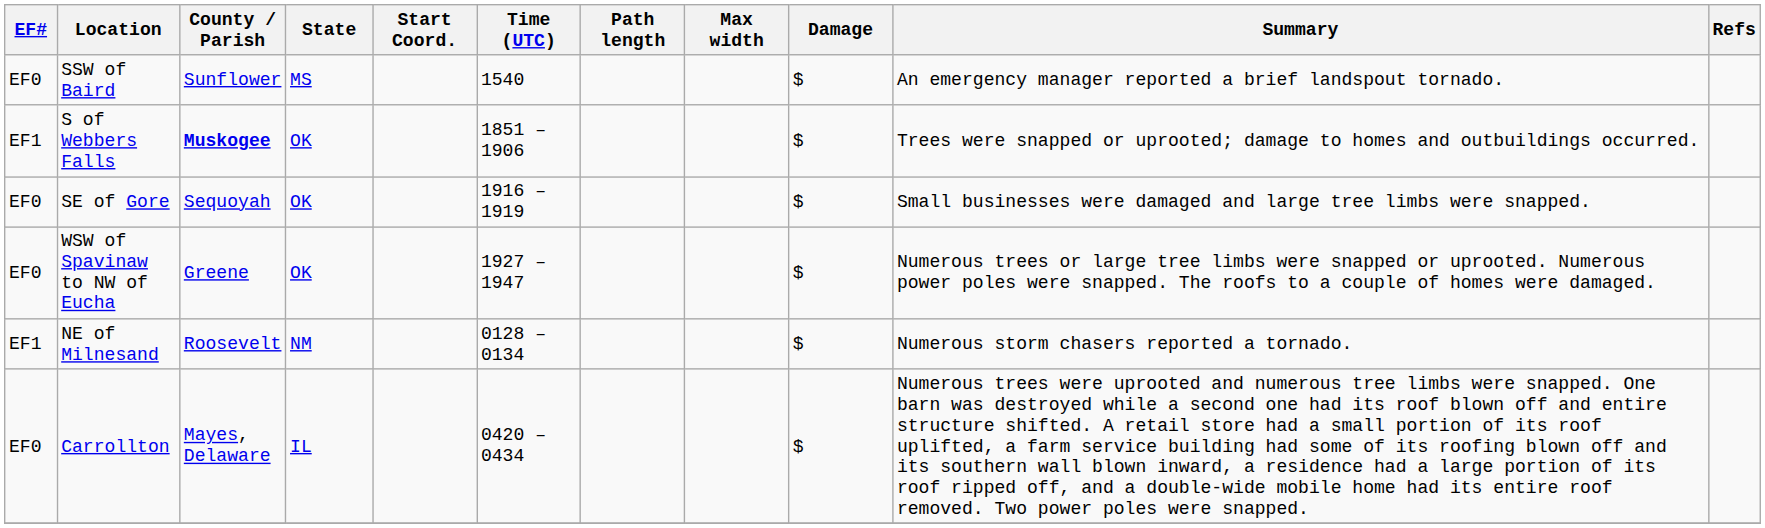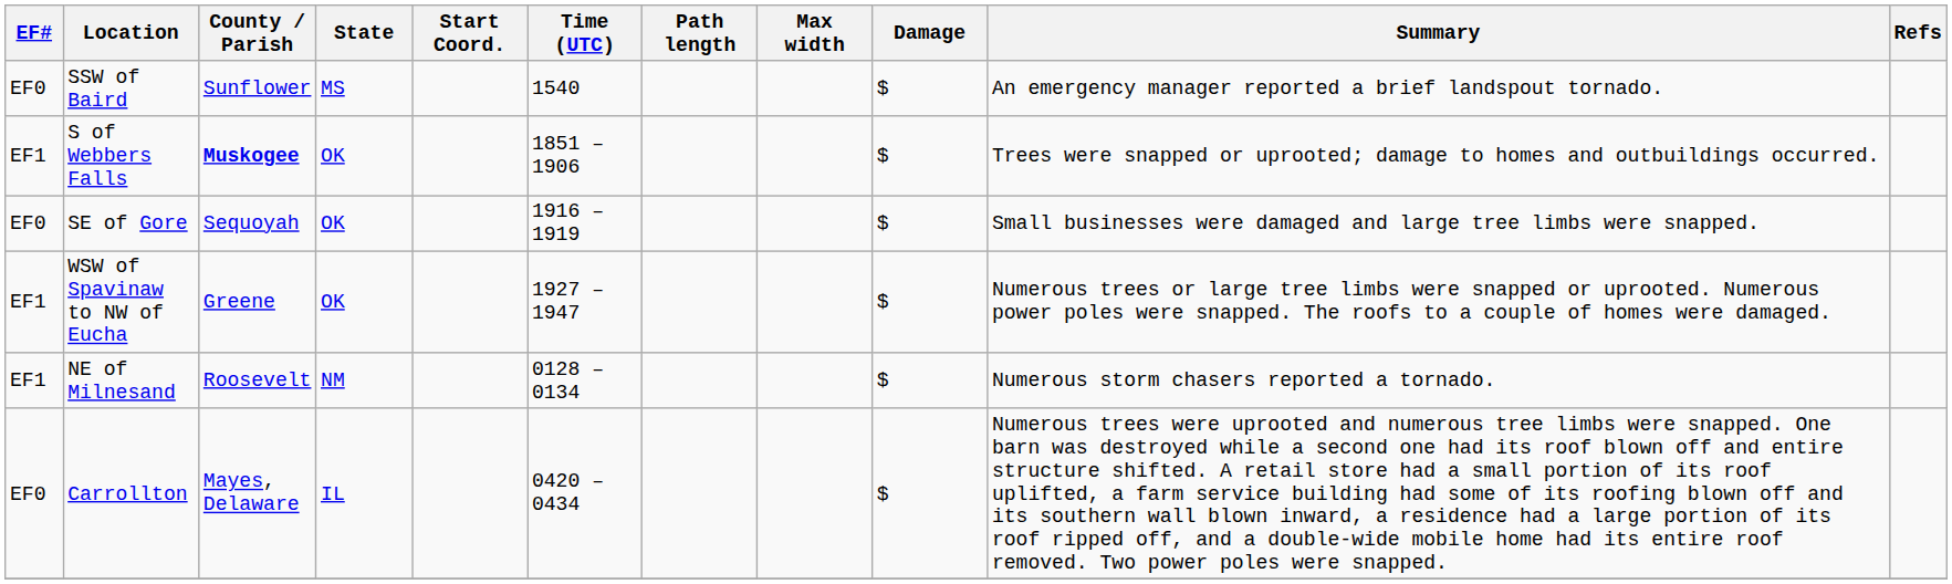 <table class="wikitable sortable" style="width:100%;">
 <tr>
 <th scope="col" width="3%" align="center"><a href='#'>EF#</a></th>
 <th scope="col" width="7%" align="center" class="unsortable">Location</th>
 <th scope="col" width="6%" align="center" class="unsortable">County / Parish</th>
 <th scope="col" width="5%" align="center">State</th>
 <th scope="col" width="6%" align="center">Start Coord.</th>
 <th scope="col" width="6%" align="center">Time (<a href='#'>UTC</a>)</th>
 <th scope="col" width="6%" align="center">Path length</th>
 <th scope="col" width="6%" align="center">Max width</th>
 <th scope="col" width="6%" align="center">Damage</th>
 <th scope="col" width="48%" class="unsortable" align="center">Summary</th>
 <th scope="col" width="48%" class="unsortable" align="center">Refs</th>
 </tr>
 <tr>
 <td>EF0</td>
 <td>SSW of <a href='#'>Baird</a></td>
 <td><a href='#'>Sunflower</a></td>
 <td><a href='#'>MS</a></td>
 <td></td>
 <td>1540</td>
 <td></td>
 <td></td>
 <td>$</td>
 <td>An emergency manager reported a brief landspout tornado.</td>
 <td></td>
 </tr>
 <tr>
 <td>EF1</td>
 <td>S of <a href='#'>Webbers Falls</a></td>
 <td><strong><a href='#'>Muskogee</a></strong></td>
 <td><a href='#'>OK</a></td>
 <td></td>
 <td>1851 – 1906</td>
 <td></td>
 <td></td>
 <td>$</td>
 <td>Trees were snapped or uprooted; damage to homes and outbuildings occurred.</td>
 <td></td>
 </tr>
 <tr>
 <td>EF0</td>
 <td>SE of <a href='#'>Gore</a></td>
 <td><a href='#'>Sequoyah</a></td>
 <td><a href='#'>OK</a></td>
 <td></td>
 <td>1916 – 1919</td>
 <td></td>
 <td></td>
 <td>$</td>
 <td>Small businesses were damaged and large tree limbs were snapped.</td>
 <td></td>
 </tr>
 <tr>
-<td>EF0</td>
+<td>EF1</td>
 <td>WSW of <a href='#'>Spavinaw</a> to NW of <a href='#'>Eucha</a></td>
 <td><a href='#'>Greene</a></td>
 <td><a href='#'>OK</a></td>
 <td></td>
 <td>1927 – 1947</td>
 <td></td>
 <td></td>
 <td>$</td>
 <td>Numerous trees or large tree limbs were snapped or uprooted. Numerous power poles were snapped. The roofs to a couple of homes were damaged.</td>
 <td></td>
 </tr>
 <tr>
 <td>EF1</td>
 <td>NE of <a href='#'>Milnesand</a></td>
 <td><a href='#'>Roosevelt</a></td>
 <td><a href='#'>NM</a></td>
 <td></td>
 <td>0128 – 0134</td>
 <td></td>
 <td></td>
 <td>$</td>
 <td>Numerous storm chasers reported a tornado.</td>
 <td></td>
 </tr>
 <tr>
 <td>EF0</td>
 <td><a href='#'>Carrollton</a></td>
 <td><a href='#'>Mayes</a>, <a href='#'>Delaware</a></td>
 <td><a href='#'>IL</a></td>
 <td></td>
 <td>0420 – 0434</td>
 <td></td>
 <td></td>
 <td>$</td>
 <td>Numerous trees were uprooted and numerous tree limbs were snapped. One barn was destroyed while a second one had its roof blown off and entire structure shifted. A retail store had a small portion of its roof uplifted, a farm service building had some of its roofing blown off and its southern wall blown inward, a residence had a large portion of its roof ripped off, and a double-wide mobile home had its entire roof removed. Two power poles were snapped.</td>
 <td></td>
 </tr>
 <tr>
 </tr>
 </table>
